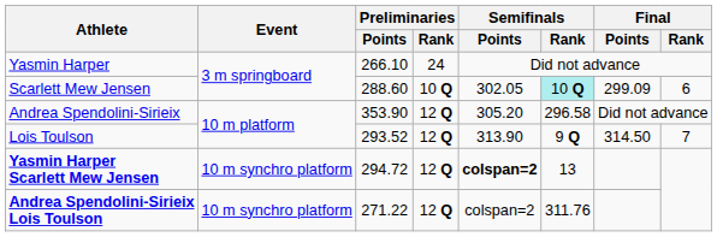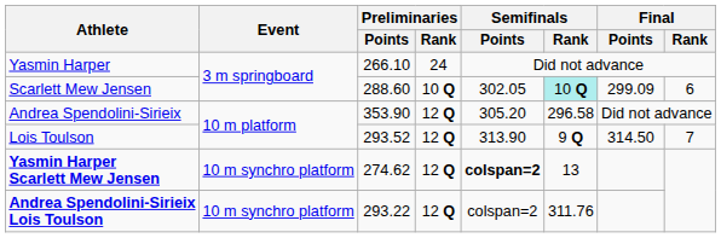 <table class="wikitable" style="text-align:center; font-size:90%;">
 <tr>
 <th rowspan=2>Athlete</th>
 <th rowspan=2>Event</th>
 <th colspan=2>Preliminaries</th>
 <th colspan=2>Semifinals</th>
 <th colspan=2>Final</th>
 </tr>
 <tr style="font-size:95%">
 <th>Points</th>
 <th>Rank</th>
 <th>Points</th>
 <th>Rank</th>
 <th>Points</th>
 <th>Rank</th>
 </tr>
 <tr>
 <td align=left><a href='#'>Yasmin Harper</a></td>
 <td align=left rowspan=2><a href='#'>3 m springboard</a></td>
 <td>266.10</td>
 <td>24</td>
 <td colspan=4>Did not advance</td>
 </tr>
 <tr>
 <td align=left><a href='#'>Scarlett Mew Jensen</a></td>
 <td>288.60</td>
 <td>10 <strong>Q</strong></td>
 <td>302.05</td>
 <td style="background: paleturquoise;">10 <strong>Q</strong></td>
 <td>299.09</td>
 <td>6</td>
 </tr>
 <tr>
 <td align=left><a href='#'>Andrea Spendolini-Sirieix</a></td>
 <td align=left rowspan=2><a href='#'>10 m platform</a></td>
 <td>353.90</td>
 <td>12 <strong>Q</strong></td>
 <td>305.20</td>
 <td>296.58</td>
 <td colspan=2>Did not advance</td>
 </tr>
 <tr>
 <td align=left><a href='#'>Lois Toulson</a></td>
 <td>293.52</td>
 <td>12 <strong>Q</strong></td>
 <td>313.90</td>
 <td>9 <strong>Q</strong></td>
 <td>314.50</td>
 <td>7</td>
 </tr>
 <tr>
 <td align=left><strong><a href='#'>Yasmin Harper</a><br> <a href='#'>Scarlett Mew Jensen</a></strong></td>
 <td align=left><a href='#'>10 m synchro platform</a></td>
-<td>294.72</td>
+<td>274.62</td>
 <td>12 <strong>Q</strong></td>
 <td><strong>colspan=2 </strong></td>
 <td>13</td>
 <td></td>
 </tr>
 <tr>
 <td align=left><strong><a href='#'>Andrea Spendolini-Sirieix</a><br> <a href='#'>Lois Toulson</a></strong></td>
 <td align=left><a href='#'>10 m synchro platform</a></td>
-<td>271.22</td>
+<td>293.22</td>
 <td>12 <strong>Q</strong></td>
 <td>colspan=2 </td>
 <td>311.76</td>
 <td></td>
 </tr>
 </table>
